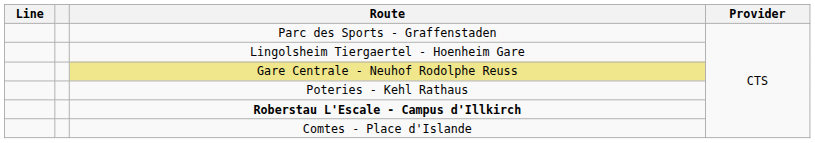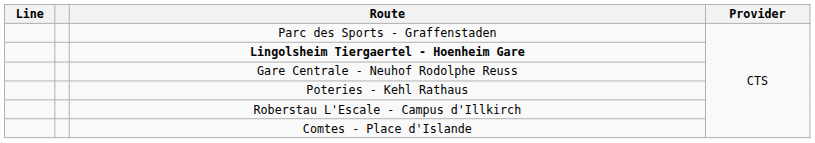 <table class="wikitable centre alternate">
 <tr>
 <th width=50px>Line</th>
 <th width=10px></th>
 <th width=700px>Route</th>
 <th width=110px>Provider</th>
 </tr>
 <tr>
 <td></td>
 <td></td>
 <td align="center">Parc des Sports - Graffenstaden</td>
 <td align="center" rowspan="6">CTS</td>
 </tr>
 <tr>
 <td></td>
 <td></td>
-<td align="center">Lingolsheim Tiergaertel - Hoenheim Gare</td>
+<td align="center"><strong>Lingolsheim Tiergaertel - Hoenheim Gare</strong></td>
 </tr>
 <tr>
 <td></td>
 <td></td>
-<td align="center" style="background: khaki;">Gare Centrale - Neuhof Rodolphe Reuss</td>
+<td align="center">Gare Centrale - Neuhof Rodolphe Reuss</td>
 </tr>
 <tr>
 <td></td>
 <td></td>
 <td align="center">Poteries - Kehl Rathaus</td>
 </tr>
 <tr>
 <td></td>
 <td></td>
-<td align="center"><strong>Roberstau L'Escale - Campus d'Illkirch</strong></td>
+<td align="center">Roberstau L'Escale - Campus d'Illkirch</td>
 </tr>
 <tr>
 <td></td>
 <td></td>
 <td align="center">Comtes - Place d'Islande</td>
 </tr>
 </table>
